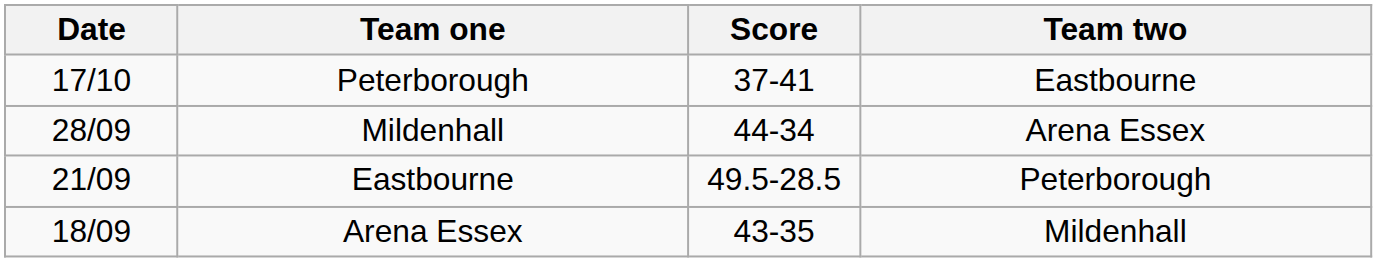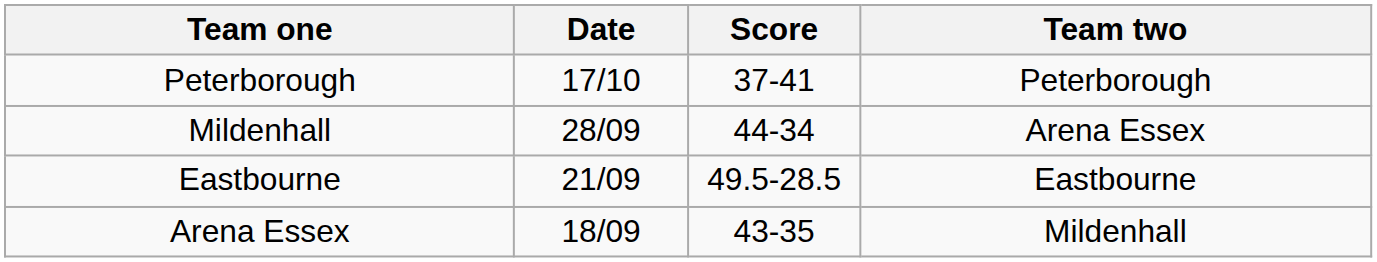 <table class="wikitable" style="text-align: center">
 <tr>
+<th width=250>Team one</th>
 <th width=80>Date</th>
-<th width=250>Team one</th>
 <th width=80>Score</th>
 <th width=250>Team two</th>
 </tr>
 <tr>
+<td>Peterborough</td>
 <td>17/10</td>
+<td>37-41</td>
 <td>Peterborough</td>
-<td>37-41</td>
-<td>Eastbourne</td>
 </tr>
 <tr>
+<td>Mildenhall</td>
 <td>28/09</td>
-<td>Mildenhall</td>
 <td>44-34</td>
 <td>Arena Essex</td>
 </tr>
 <tr>
+<td>Eastbourne</td>
 <td>21/09</td>
+<td>49.5-28.5</td>
 <td>Eastbourne</td>
-<td>49.5-28.5</td>
-<td>Peterborough</td>
 </tr>
 <tr>
+<td>Arena Essex</td>
 <td>18/09</td>
-<td>Arena Essex</td>
 <td>43-35</td>
 <td>Mildenhall</td>
 </tr>
 </table>
